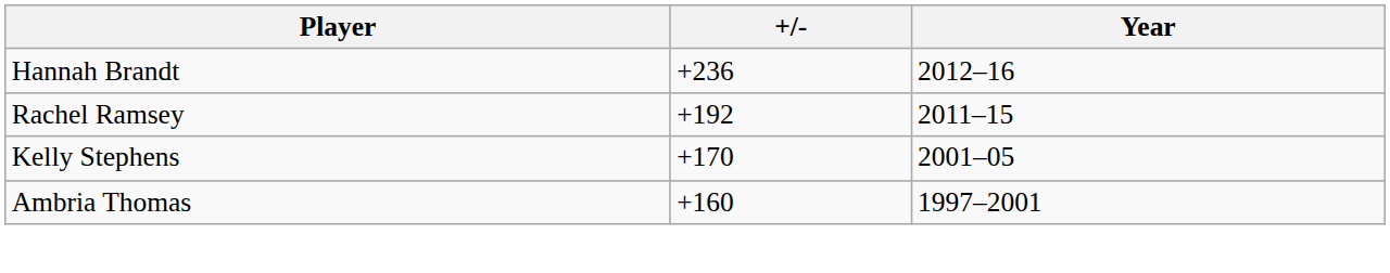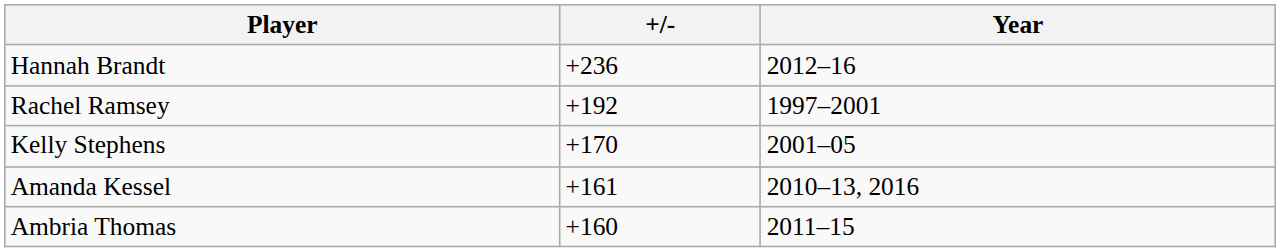 <table class="wikitable" style="width: 50em">
 <tr>
 <th>Player</th>
 <th>+/-</th>
 <th>Year</th>
 </tr>
 <tr>
 <td>Hannah Brandt</td>
 <td>+236</td>
 <td>2012–16</td>
 </tr>
 <tr>
 <td>Rachel Ramsey</td>
 <td>+192</td>
-<td>2011–15</td>
+<td>1997–2001</td>
 </tr>
 <tr>
 <td>Kelly Stephens</td>
 <td>+170</td>
 <td>2001–05</td>
 </tr>
 <tr>
+<td>Amanda Kessel</td>
+<td>+161</td>
+<td>2010–13, 2016</td>
+</tr>
+<tr>
 <td>Ambria Thomas</td>
 <td>+160</td>
-<td>1997–2001</td>
+<td>2011–15</td>
 </tr>
 </table>
